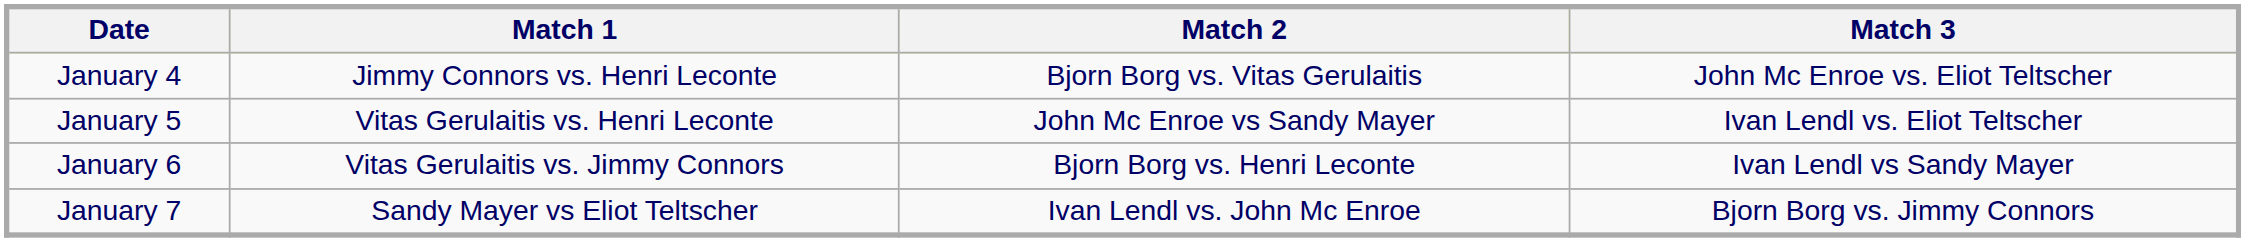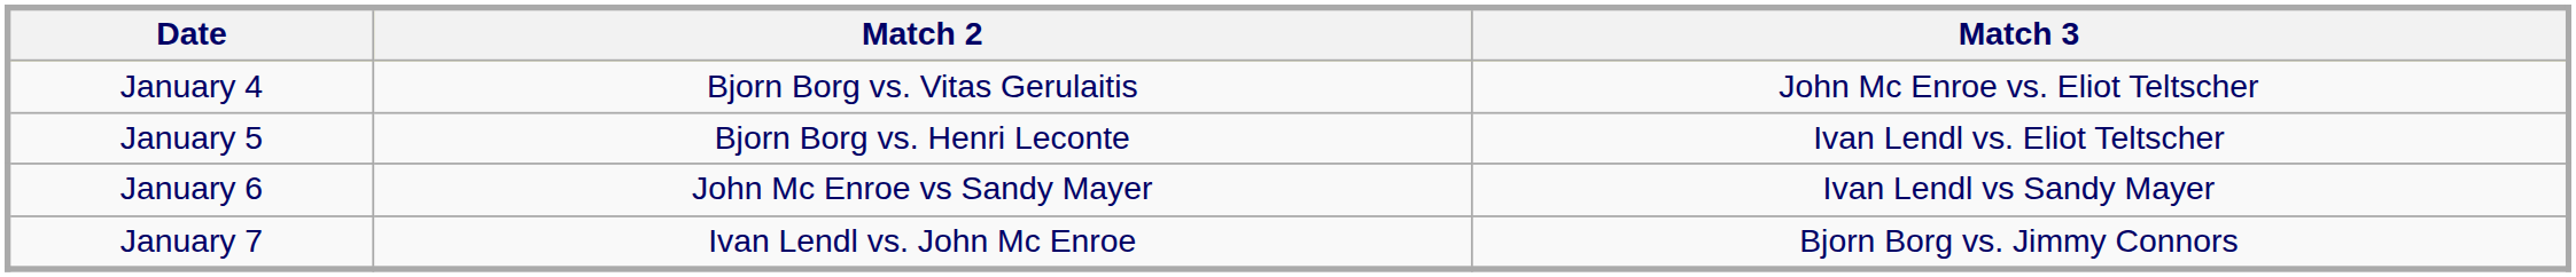 <table class="wikitable" style="border-collapse:collapse; border-style: solid; border-width:3px; color:#000066; width:100%; margin:1em 0">
 <tr style="color:black; background-color:#FFFF66; color:#000066;">
 <th style="border-style:solid; width:10%;">Date</th>
-<th style="border-style:solid; width:30%;">Match 1</th>
 <th style="border-style:solid; width:30%;">Match 2</th>
 <th style="border-style:solid; width:30%;">Match 3</th>
 </tr>
 <tr style="cellspacing:0; border:2px; text-align:center;">
 <td style="border-style:solid;">January 4</td>
-<td style="border-style:solid;">Jimmy Connors vs. Henri Leconte</td>
 <td style="border-style:solid;">Bjorn Borg vs. Vitas Gerulaitis</td>
 <td style="border-style:solid;">John Mc Enroe vs. Eliot Teltscher</td>
 </tr>
 <tr style="cellspacing:0; border:2px; color:#000066; text-align:center;">
 <td style="border-style:solid;">January 5</td>
-<td style="border-style:solid;">Vitas Gerulaitis vs. Henri Leconte</td>
-<td style="border-style:solid;">John Mc Enroe vs Sandy Mayer</td>
+<td style="border-style:solid;">Bjorn Borg vs. Henri Leconte</td>
 <td style="border-style:solid;">Ivan Lendl vs. Eliot Teltscher</td>
 </tr>
 <tr style="cellspacing:0; border:2px; color:#000066; text-align:center;">
 <td style="border-style:solid;">January 6</td>
-<td style="border-style:solid;">Vitas Gerulaitis vs. Jimmy Connors</td>
-<td style="border-style:solid;">Bjorn Borg vs. Henri Leconte</td>
+<td style="border-style:solid;">John Mc Enroe vs Sandy Mayer</td>
 <td style="border-style:solid;">Ivan Lendl vs Sandy Mayer</td>
 </tr>
 <tr style="cellspacing:0; border:2px; color:#000066; text-align:center;">
 <td style="border-style:solid;">January 7</td>
-<td style="border-style:solid;">Sandy Mayer vs Eliot Teltscher</td>
 <td style="border-style:solid;">Ivan Lendl vs. John Mc Enroe</td>
 <td style="border-style:solid;">Bjorn Borg vs. Jimmy Connors</td>
 </tr>
 </table>
